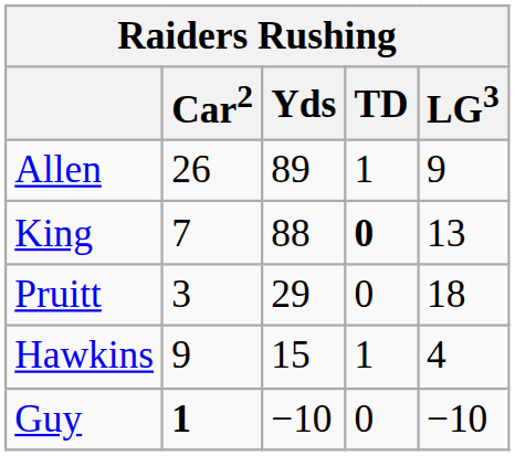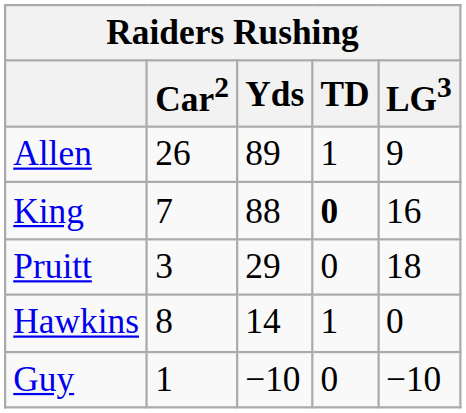 <table class="wikitable">
 <tr>
 <th colspan="5">Raiders Rushing</th>
 </tr>
 <tr>
 <th></th>
 <th>Car<sup>2</sup></th>
 <th>Yds</th>
 <th>TD</th>
 <th>LG<sup>3</sup></th>
 </tr>
 <tr>
 <td><a href='#'>Allen</a></td>
 <td>26</td>
 <td>89</td>
 <td>1</td>
 <td>9</td>
 </tr>
 <tr>
 <td><a href='#'>King</a></td>
 <td>7</td>
 <td>88</td>
 <td><strong>0</strong></td>
-<td>13</td>
+<td>16</td>
 </tr>
 <tr>
 <td><a href='#'>Pruitt</a></td>
 <td>3</td>
 <td>29</td>
 <td>0</td>
 <td>18</td>
 </tr>
 <tr>
 <td><a href='#'>Hawkins</a></td>
-<td>9</td>
-<td>15</td>
+<td>8</td>
+<td>14</td>
 <td>1</td>
-<td>4</td>
+<td>0</td>
 </tr>
 <tr>
 <td><a href='#'>Guy</a></td>
-<td><strong>1</strong></td>
+<td>1</td>
 <td>−10</td>
 <td>0</td>
 <td>−10</td>
 </tr>
 </table>
